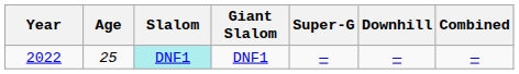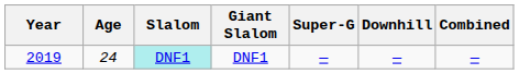 <table class=wikitable style="text-align:center">
 <tr>
 <th>  Year  </th>
 <th> Age </th>
 <th> Slalom </th>
 <th>Giant<br> Slalom </th>
 <th>Super-G</th>
 <th>Downhill</th>
 <th>Combined</th>
 </tr>
 <tr>
-<td><a href='#'>2022</a></td>
-<td><em>25</em></td>
+<td><a href='#'>2019</a></td>
+<td><em>24</em></td>
 <td style="background: paleturquoise;"><a href='#'>DNF1</a></td>
 <td><a href='#'>DNF1</a></td>
 <td><a href='#'>—</a></td>
 <td><a href='#'>—</a></td>
 <td><a href='#'>—</a></td>
 </tr>
 </table>
